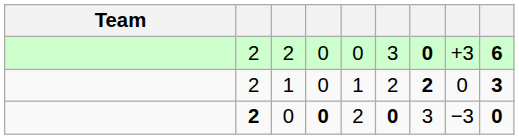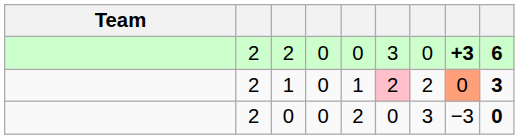 <table class="wikitable" style="text-align: center;">
 <tr>
 <th width="175">Team</th>
 <th width="20"></th>
 <th width="20"></th>
 <th width="20"></th>
 <th width="20"></th>
 <th width="20"></th>
 <th width="20"></th>
 <th width="20"></th>
 <th width="20"></th>
 </tr>
 <tr bgcolor=ccffcc>
 <td style="text-align:left;"></td>
 <td>2</td>
 <td>2</td>
 <td>0</td>
 <td>0</td>
 <td>3</td>
-<td><strong>0</strong></td>
-<td>+3</td>
+<td>0</td>
+<td><strong>+3</strong></td>
 <td><strong>6</strong></td>
 </tr>
 <tr>
 <td style="text-align:left;"></td>
 <td>2</td>
 <td>1</td>
 <td>0</td>
 <td>1</td>
+<td style="background: pink;">2</td>
 <td>2</td>
-<td><strong>2</strong></td>
-<td>0</td>
+<td style="background: lightsalmon;">0</td>
 <td><strong>3</strong></td>
 </tr>
 <tr>
 <td style="text-align:left;"></td>
-<td><strong>2</strong></td>
+<td>2</td>
 <td>0</td>
-<td><strong>0</strong></td>
+<td>0</td>
 <td>2</td>
-<td><strong>0</strong></td>
+<td>0</td>
 <td>3</td>
 <td>−3</td>
 <td><strong>0</strong></td>
 </tr>
 </table>
